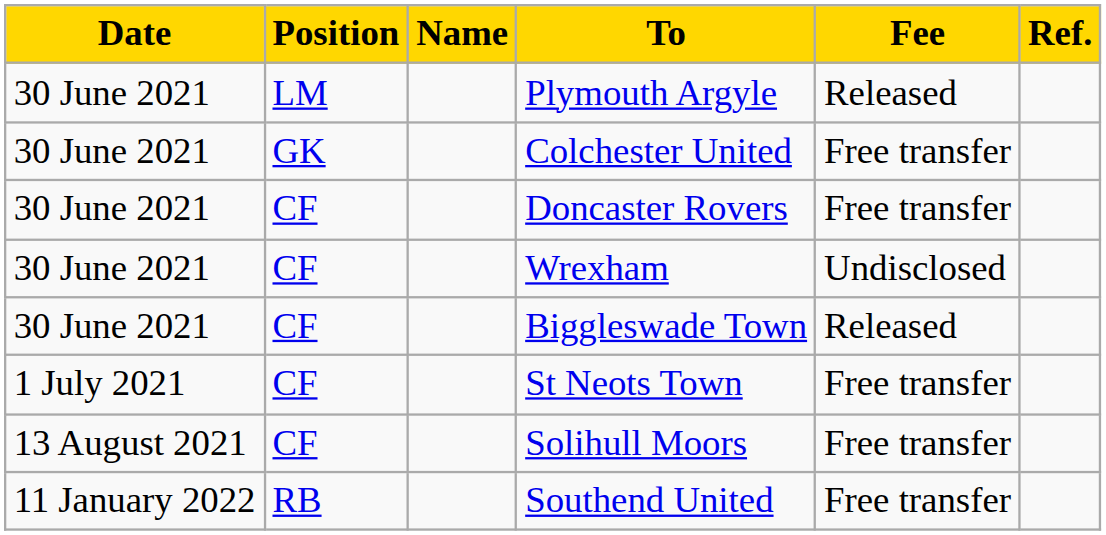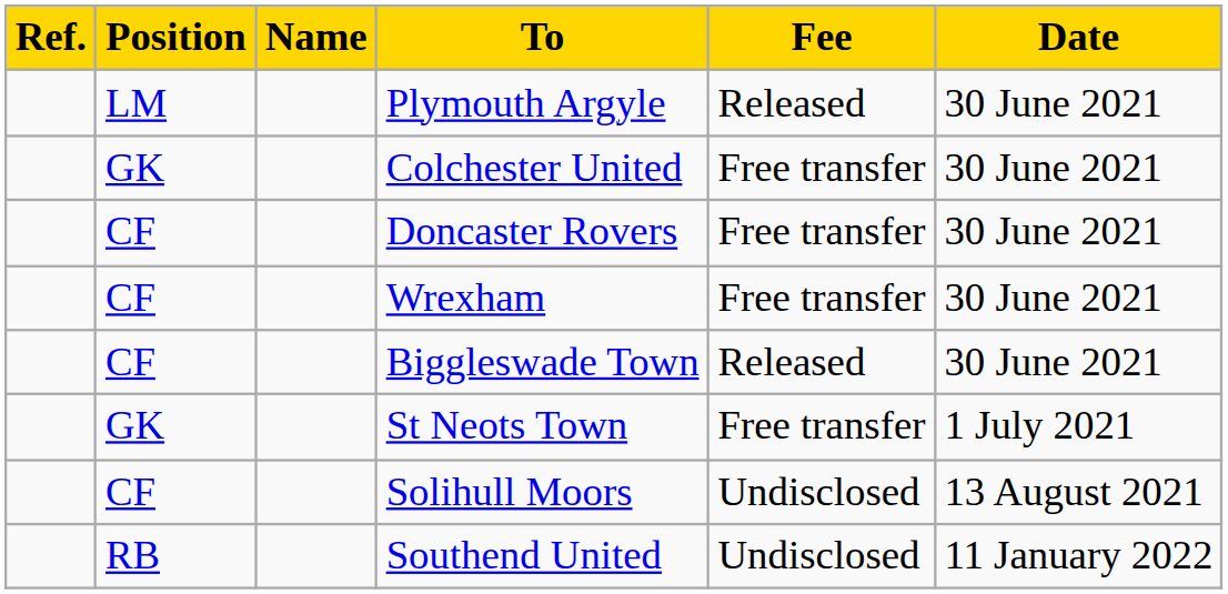 <table class="wikitable plainrowheaders sortable">
 <tr>
-<th style="background-color:#ffd700; color:#000000; ">Date</th>
+<th style="background-color:#ffd700; color:#000000; ">Ref.</th>
 <th style="background-color:#ffd700; color:#000000; ">Position</th>
 <th style="background-color:#ffd700; color:#000000; ">Name</th>
 <th style="background-color:#ffd700; color:#000000; ">To</th>
 <th style="background-color:#ffd700; color:#000000; ">Fee</th>
-<th style="background-color:#ffd700; color:#000000; ">Ref.</th>
+<th style="background-color:#ffd700; color:#000000; ">Date</th>
 </tr>
 <tr>
-<td>30 June 2021</td>
+<td></td>
 <td><a href='#'>LM</a></td>
 <td></td>
 <td><a href='#'>Plymouth Argyle</a></td>
 <td>Released</td>
-<td></td>
+<td>30 June 2021</td>
 </tr>
 <tr>
-<td>30 June 2021</td>
+<td></td>
 <td><a href='#'>GK</a></td>
 <td></td>
 <td><a href='#'>Colchester United</a></td>
 <td>Free transfer</td>
-<td></td>
+<td>30 June 2021</td>
 </tr>
 <tr>
-<td>30 June 2021</td>
+<td></td>
 <td><a href='#'>CF</a></td>
 <td></td>
 <td><a href='#'>Doncaster Rovers</a></td>
 <td>Free transfer</td>
-<td></td>
+<td>30 June 2021</td>
 </tr>
 <tr>
-<td>30 June 2021</td>
+<td></td>
 <td><a href='#'>CF</a></td>
 <td></td>
 <td><a href='#'>Wrexham</a></td>
-<td>Undisclosed</td>
-<td></td>
+<td>Free transfer</td>
+<td>30 June 2021</td>
 </tr>
 <tr>
-<td>30 June 2021</td>
+<td></td>
 <td><a href='#'>CF</a></td>
 <td></td>
 <td><a href='#'>Biggleswade Town</a></td>
 <td>Released</td>
-<td></td>
+<td>30 June 2021</td>
 </tr>
 <tr>
-<td>1 July 2021</td>
-<td><a href='#'>CF</a></td>
+<td></td>
+<td><a href='#'>GK</a></td>
 <td></td>
 <td><a href='#'>St Neots Town</a></td>
 <td>Free transfer</td>
-<td></td>
+<td>1 July 2021</td>
 </tr>
 <tr>
-<td>13 August 2021</td>
+<td></td>
 <td><a href='#'>CF</a></td>
 <td></td>
 <td><a href='#'>Solihull Moors</a></td>
-<td>Free transfer</td>
-<td></td>
+<td>Undisclosed</td>
+<td>13 August 2021</td>
 </tr>
 <tr>
-<td>11 January 2022</td>
+<td></td>
 <td><a href='#'>RB</a></td>
 <td></td>
 <td><a href='#'>Southend United</a></td>
-<td>Free transfer</td>
-<td></td>
+<td>Undisclosed</td>
+<td>11 January 2022</td>
 </tr>
 </table>
